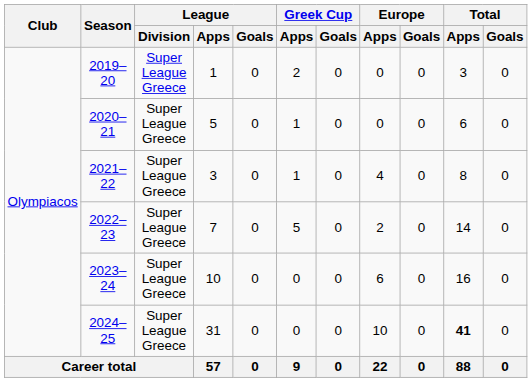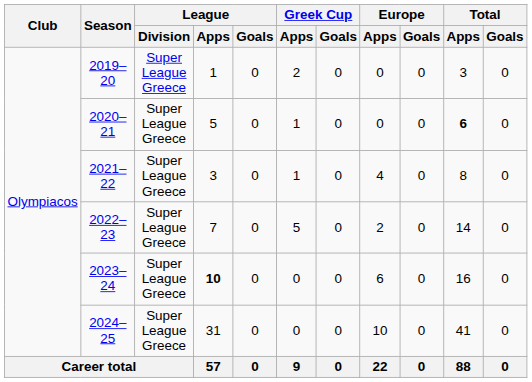 <table class="wikitable" style="text-align:center">
 <tr>
 <th rowspan="2">Club</th>
 <th rowspan="2">Season</th>
 <th colspan="3">League</th>
 <th colspan="2"><a href='#'>Greek Cup</a></th>
 <th colspan="2">Europe</th>
 <th colspan="2">Total</th>
 </tr>
 <tr>
 <th>Division</th>
 <th>Apps</th>
 <th>Goals</th>
 <th>Apps</th>
 <th>Goals</th>
 <th>Apps</th>
 <th>Goals</th>
 <th>Apps</th>
 <th>Goals</th>
 </tr>
 <tr>
 <td rowspan="6"><a href='#'>Olympiacos</a></td>
 <td><a href='#'>2019–20</a></td>
 <td><a href='#'>Super League Greece</a></td>
 <td>1</td>
 <td>0</td>
 <td>2</td>
 <td>0</td>
 <td>0</td>
 <td>0</td>
 <td>3</td>
 <td>0</td>
 </tr>
 <tr>
 <td><a href='#'>2020–21</a></td>
 <td>Super League Greece</td>
 <td>5</td>
 <td>0</td>
 <td>1</td>
 <td>0</td>
 <td>0</td>
 <td>0</td>
-<td>6</td>
+<td><strong>6</strong></td>
 <td>0</td>
 </tr>
 <tr>
 <td><a href='#'>2021–22</a></td>
 <td>Super League Greece</td>
 <td>3</td>
 <td>0</td>
 <td>1</td>
 <td>0</td>
 <td>4</td>
 <td>0</td>
 <td>8</td>
 <td>0</td>
 </tr>
 <tr>
 <td><a href='#'>2022–23</a></td>
 <td>Super League Greece</td>
 <td>7</td>
 <td>0</td>
 <td>5</td>
 <td>0</td>
 <td>2</td>
 <td>0</td>
 <td>14</td>
 <td>0</td>
 </tr>
 <tr>
 <td><a href='#'>2023–24</a></td>
 <td>Super League Greece</td>
-<td>10</td>
+<td><strong>10</strong></td>
 <td>0</td>
 <td>0</td>
 <td>0</td>
 <td>6</td>
 <td>0</td>
 <td>16</td>
 <td>0</td>
 </tr>
 <tr>
 <td><a href='#'>2024–25</a></td>
 <td>Super League Greece</td>
 <td>31</td>
 <td>0</td>
 <td>0</td>
 <td>0</td>
 <td>10</td>
 <td>0</td>
-<td><strong>41</strong></td>
+<td>41</td>
 <td>0</td>
 </tr>
 <tr>
 <th colspan="3">Career total</th>
 <th>57</th>
 <th>0</th>
 <th>9</th>
 <th>0</th>
 <th>22</th>
 <th>0</th>
 <th>88</th>
 <th>0</th>
 </tr>
 </table>
